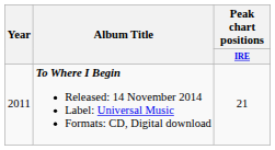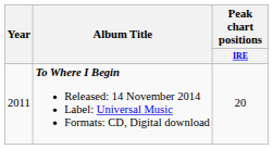 <table class="wikitable">
 <tr>
 <th rowspan="2">Year</th>
 <th rowspan="2">Album Title</th>
 <th colspan="1">Peak chart positions</th>
 </tr>
 <tr>
 <th style="width:6em;text-align:center;font-size:75%;"><a href='#'>IRE</a></th>
 </tr>
 <tr>
 <td style="text-align:center;">2011</td>
 <td><strong><em>To Where I Begin</em></strong><br><ul><li>Released: 14 November 2014</li><li>Label: <a href='#'>Universal Music</a></li><li>Formats: CD, Digital download</li></ul></td>
-<td scope="row" align="center">21</td>
+<td scope="row" align="center">20</td>
 </tr>
 </table>
